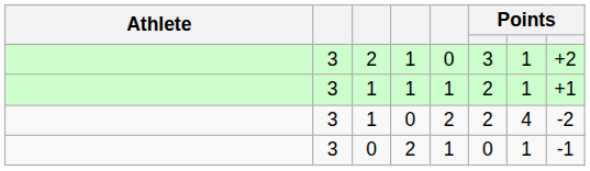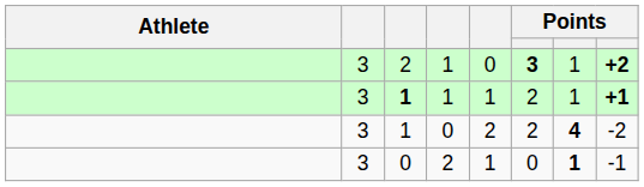 <table class="wikitable" style="text-align: center; font-size:100% ">
 <tr>
 <th rowspan=2 width=250>Athlete</th>
 <th rowspan=2 width=25></th>
 <th rowspan=2 width=25></th>
 <th rowspan=2 width=25></th>
 <th rowspan=2 width=25></th>
 <th colspan=3>Points</th>
 </tr>
 <tr>
 <th width=25></th>
 <th width=25></th>
 <th width=25></th>
 </tr>
 <tr bgcolor="ccffcc">
 <td align=left></td>
 <td>3</td>
 <td>2</td>
 <td>1</td>
 <td>0</td>
-<td>3</td>
+<td><strong>3</strong></td>
 <td>1</td>
-<td>+2</td>
+<td><strong>+2</strong></td>
 </tr>
 <tr bgcolor="ccffcc">
 <td align=left></td>
 <td>3</td>
-<td>1</td>
+<td><strong>1</strong></td>
 <td>1</td>
 <td>1</td>
 <td>2</td>
 <td>1</td>
-<td>+1</td>
+<td><strong>+1</strong></td>
 </tr>
 <tr>
 <td align=left></td>
 <td>3</td>
 <td>1</td>
 <td>0</td>
 <td>2</td>
 <td>2</td>
-<td>4</td>
+<td><strong>4</strong></td>
 <td>-2</td>
 </tr>
 <tr>
 <td align=left></td>
 <td>3</td>
 <td>0</td>
 <td>2</td>
 <td>1</td>
 <td>0</td>
-<td>1</td>
+<td><strong>1</strong></td>
 <td>-1</td>
 </tr>
 </table>
